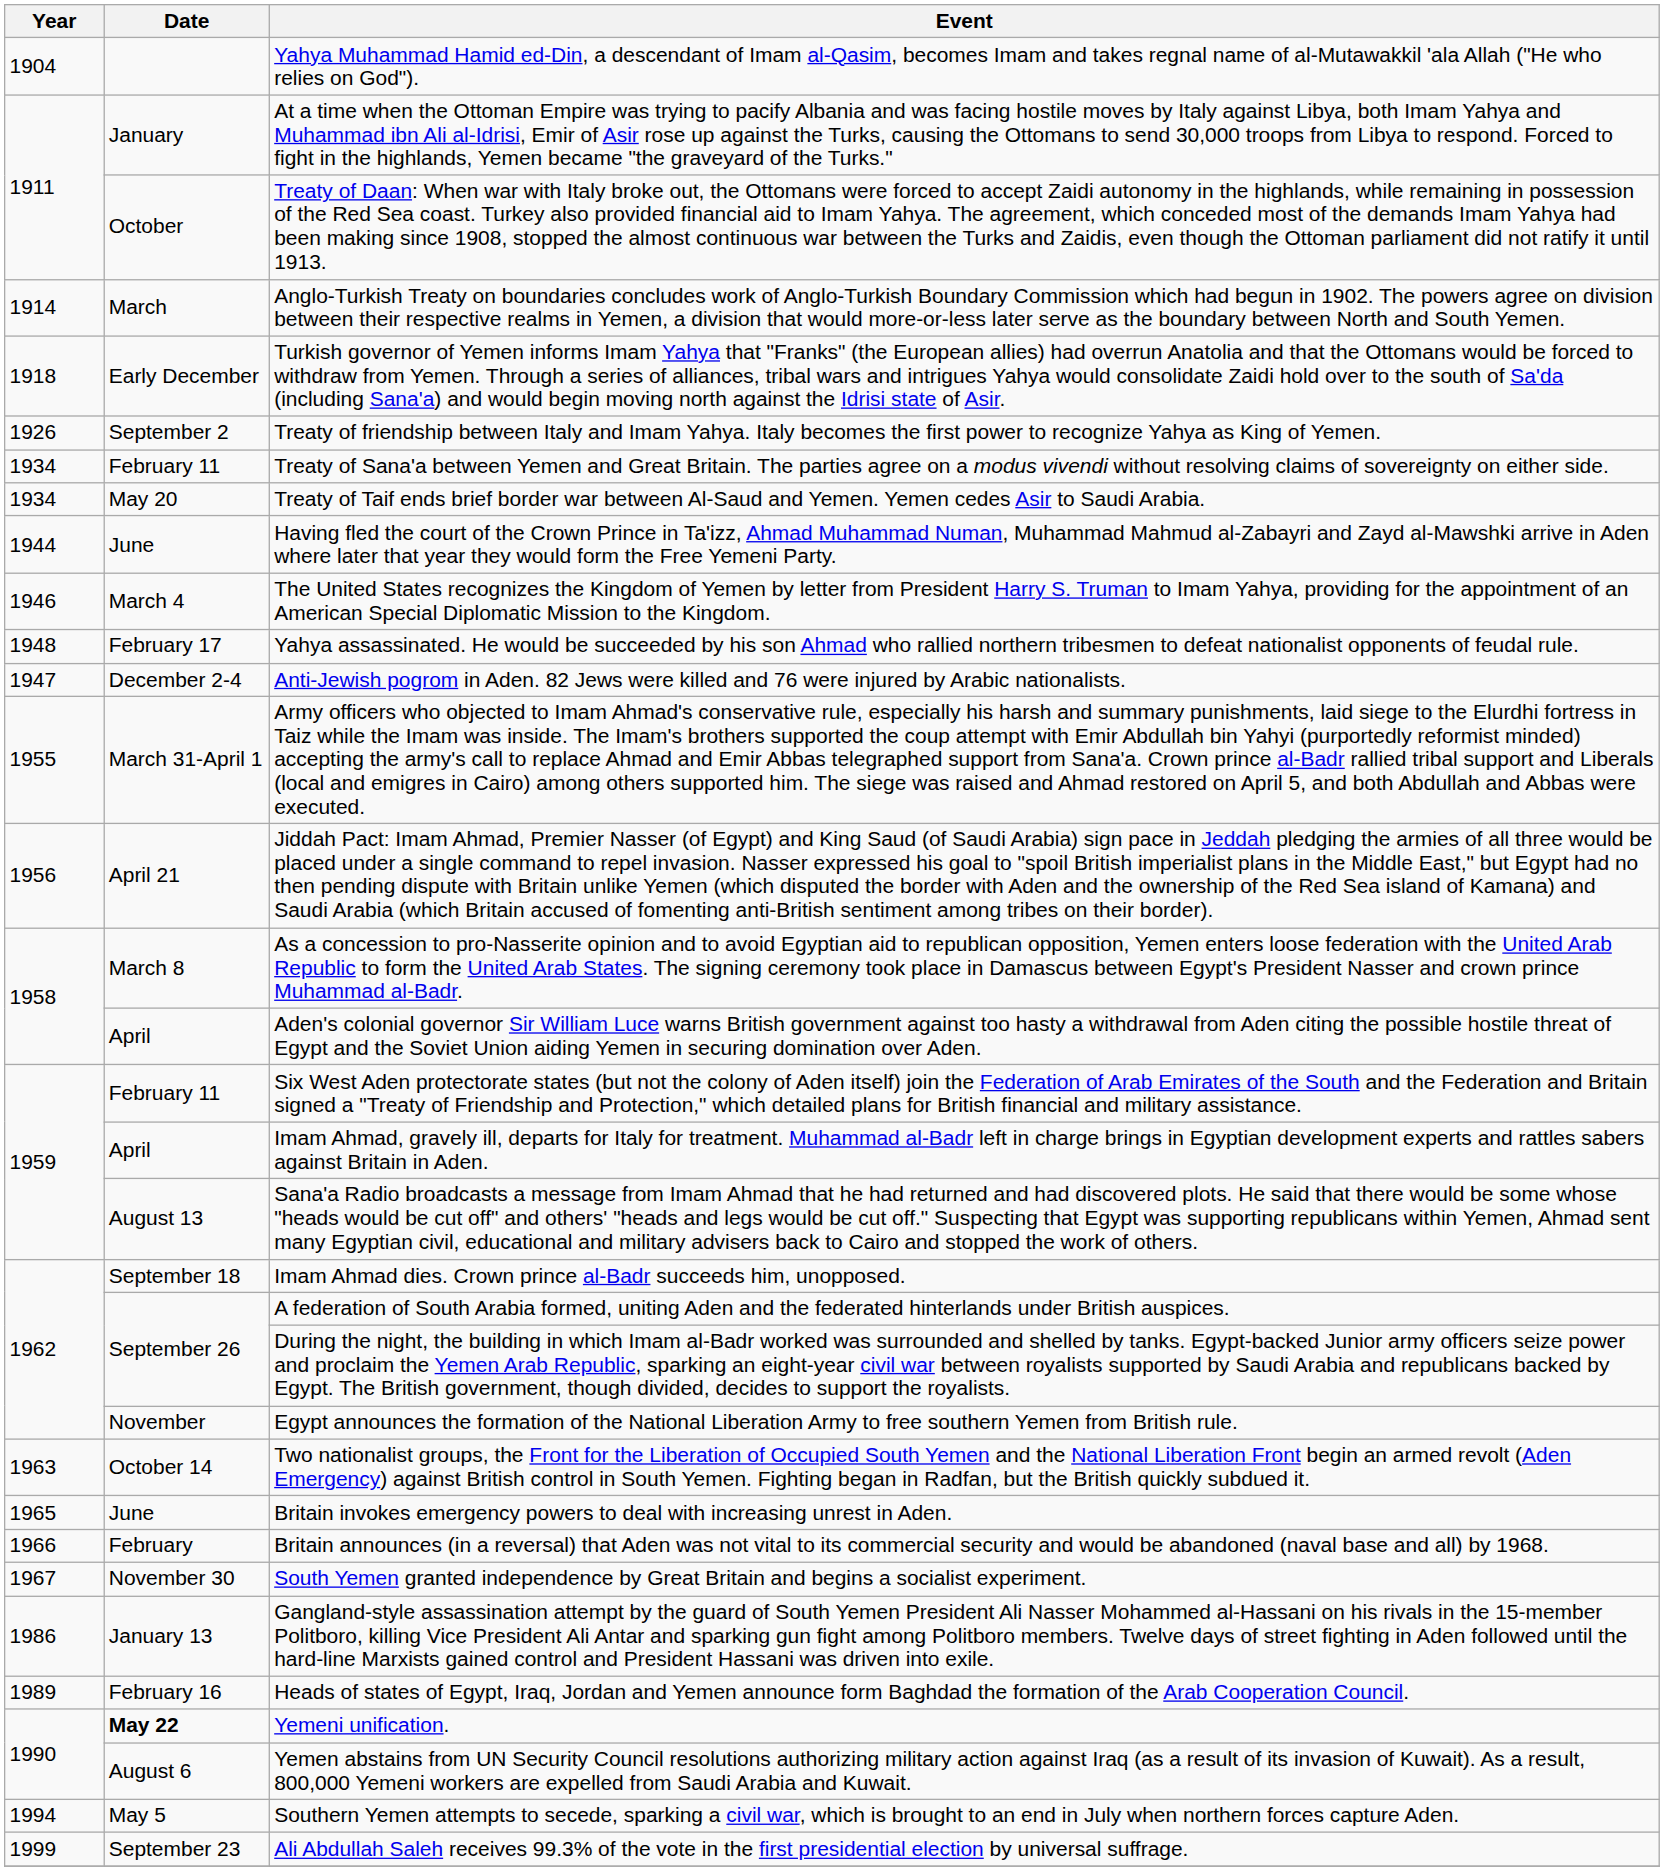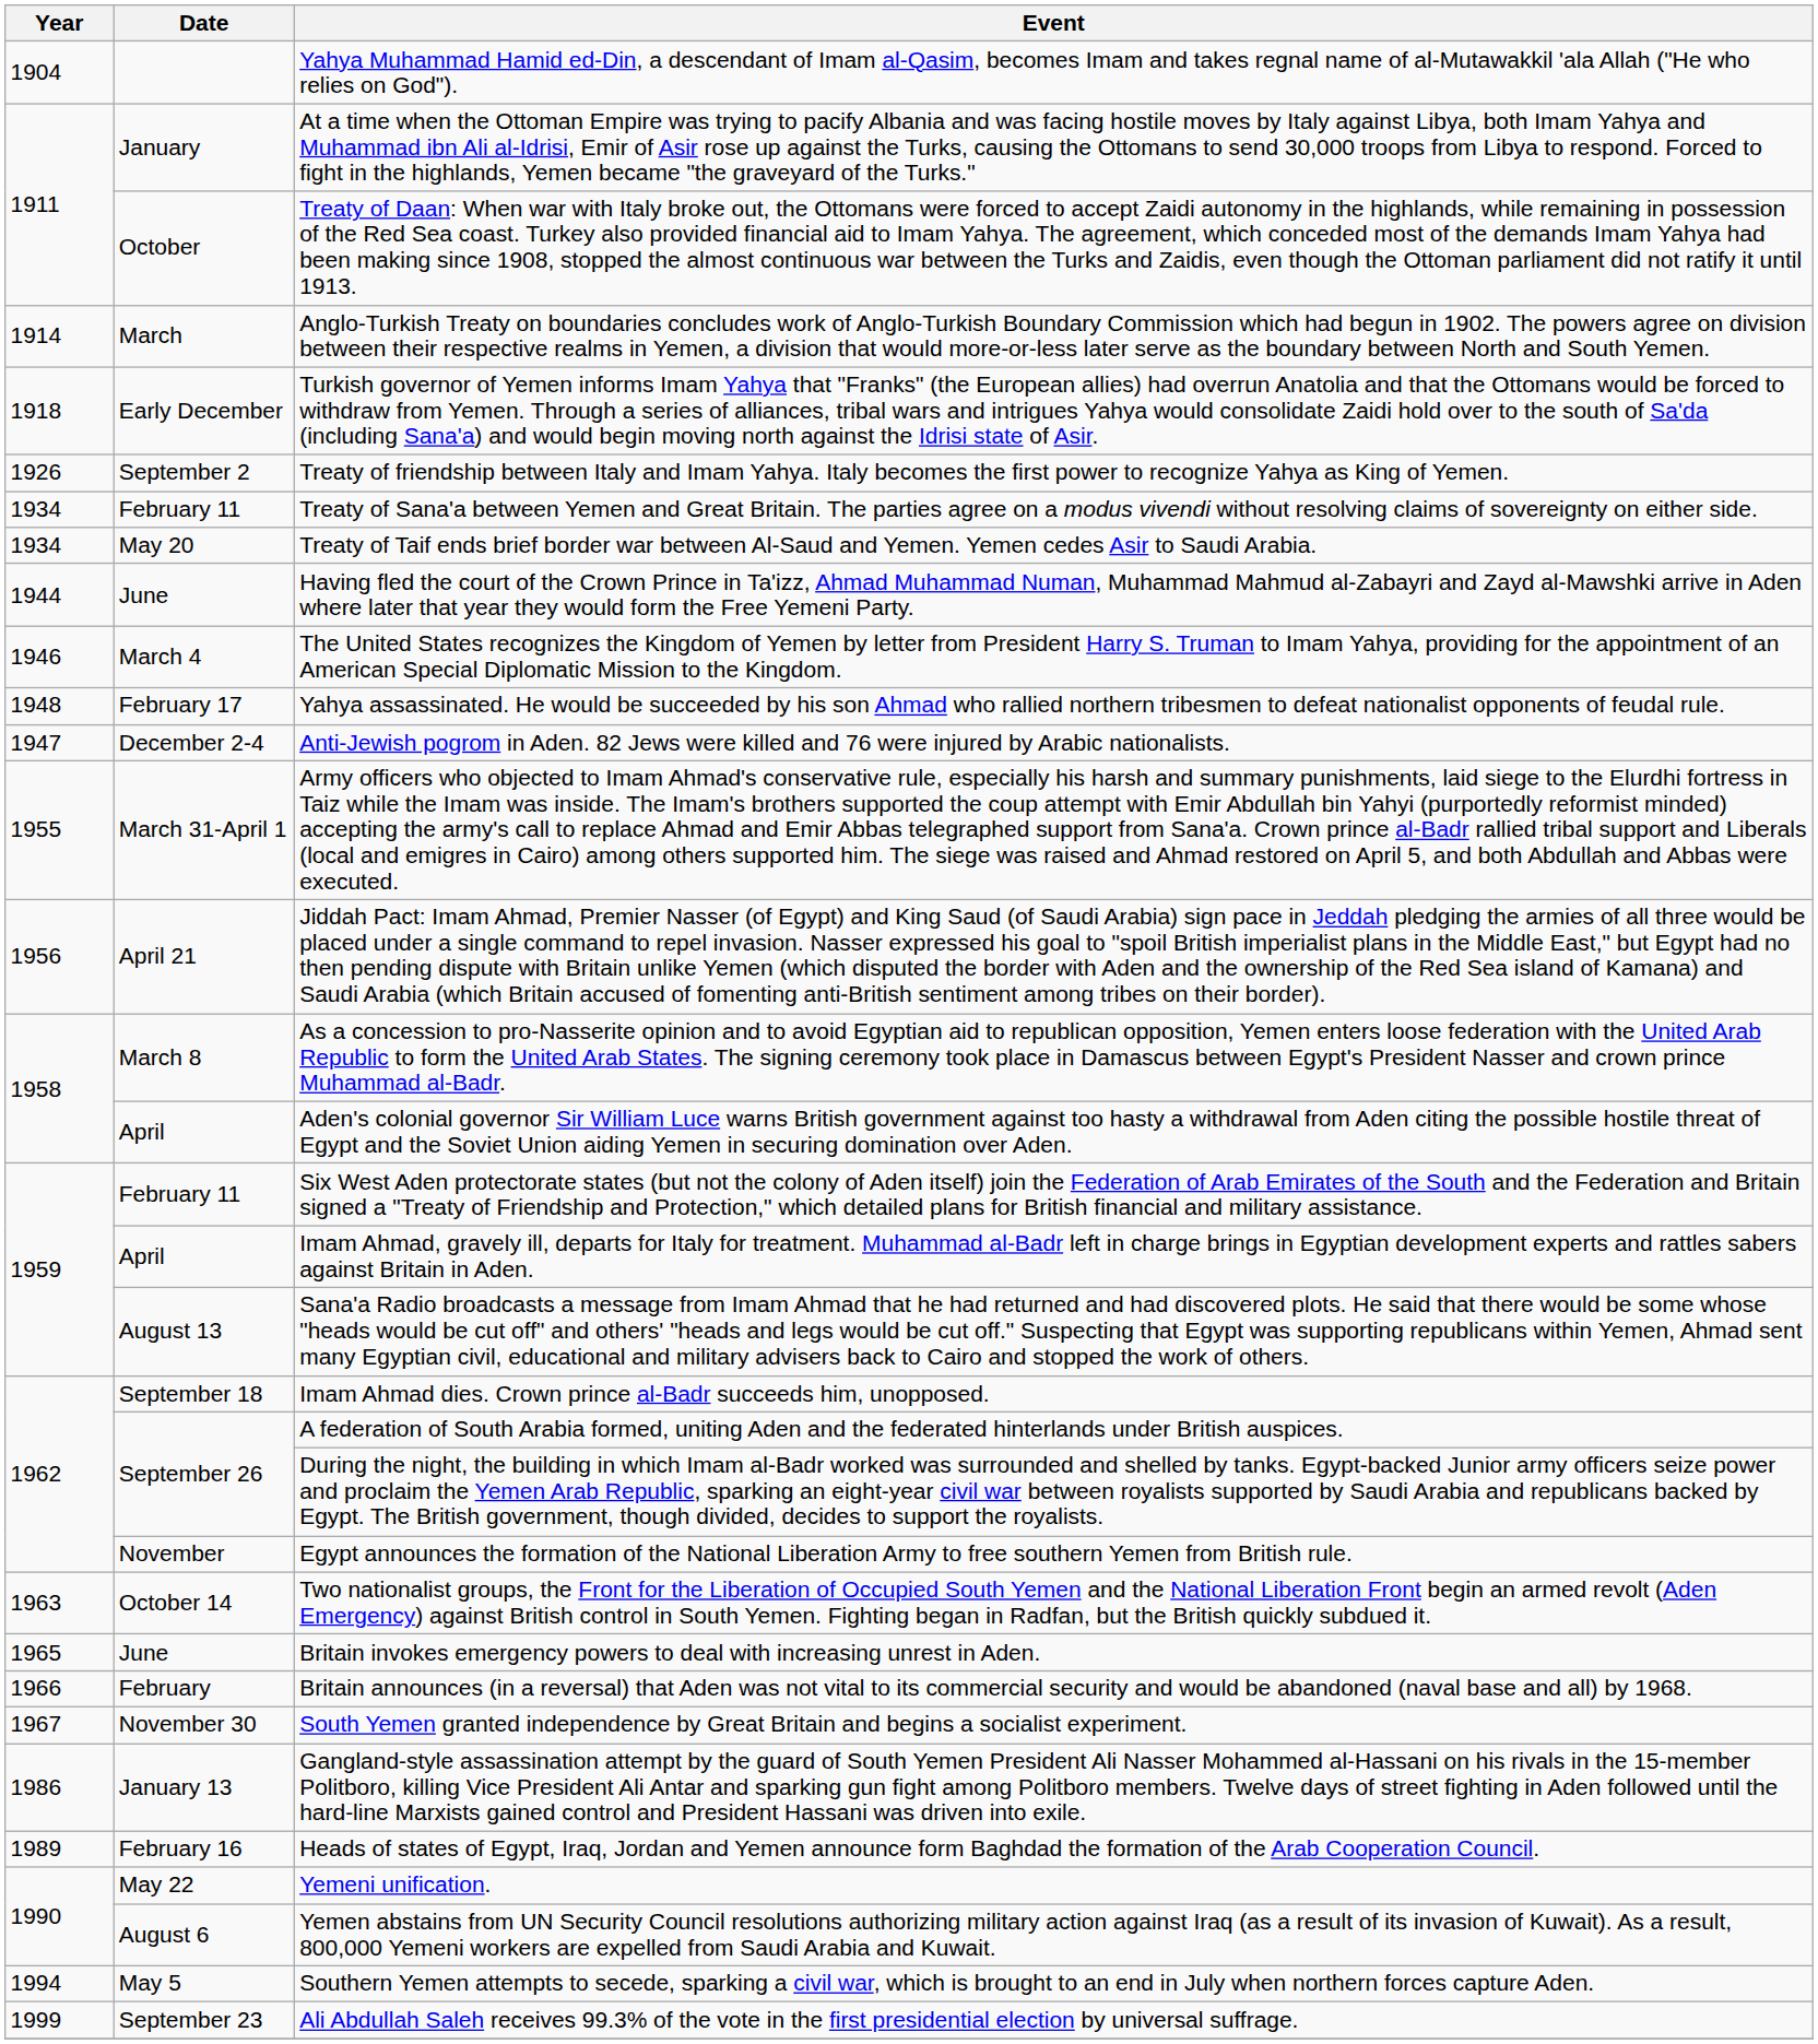 <table class="wikitable" width="100%">
 <tr>
 <th style="width:6%">Year</th>
 <th style="width:10%">Date</th>
 <th>Event</th>
 </tr>
 <tr>
 <td>1904</td>
 <td></td>
 <td><a href='#'>Yahya Muhammad Hamid ed-Din</a>, a descendant of Imam <a href='#'>al-Qasim</a>, becomes Imam and takes regnal name of al-Mutawakkil 'ala Allah ("He who relies on God").</td>
 </tr>
 <tr>
 <td rowspan="2">1911</td>
 <td>January</td>
 <td>At a time when the Ottoman Empire was trying to pacify Albania and was facing hostile moves by Italy against Libya, both Imam Yahya and <a href='#'>Muhammad ibn Ali al-Idrisi</a>, Emir of <a href='#'>Asir</a> rose up against the Turks, causing the Ottomans to send 30,000 troops from Libya to respond. Forced to fight in the highlands, Yemen became "the graveyard of the Turks."</td>
 </tr>
 <tr>
 <td>October</td>
 <td><a href='#'>Treaty of Daan</a>: When war with Italy broke out, the Ottomans were forced to accept Zaidi autonomy in the highlands, while remaining in possession of the Red Sea coast. Turkey also provided financial aid to Imam Yahya. The agreement, which conceded most of the demands Imam Yahya had been making since 1908, stopped the almost continuous war between the Turks and Zaidis, even though the Ottoman parliament did not ratify it until 1913.</td>
 </tr>
 <tr>
 <td>1914</td>
 <td>March</td>
 <td>Anglo-Turkish Treaty on boundaries concludes work of Anglo-Turkish Boundary Commission which had begun in 1902. The powers agree on division between their respective realms in Yemen, a division that would more-or-less later serve as the boundary between North and South Yemen.</td>
 </tr>
 <tr>
 <td>1918</td>
 <td>Early December</td>
 <td>Turkish governor of Yemen informs Imam <a href='#'>Yahya</a> that "Franks" (the European allies) had overrun Anatolia and that the Ottomans would be forced to withdraw from Yemen. Through a series of alliances, tribal wars and intrigues Yahya would consolidate Zaidi hold over to the south of <a href='#'>Sa'da</a> (including <a href='#'>Sana'a</a>) and would begin moving north against the <a href='#'>Idrisi state</a> of <a href='#'>Asir</a>.</td>
 </tr>
 <tr>
 <td>1926</td>
 <td>September 2</td>
 <td>Treaty of friendship between Italy and Imam Yahya. Italy becomes the first power to recognize Yahya as King of Yemen.</td>
 </tr>
 <tr>
 <td>1934</td>
 <td>February 11</td>
 <td>Treaty of Sana'a between Yemen and Great Britain. The parties agree on a <em>modus vivendi</em> without resolving claims of sovereignty on either side.</td>
 </tr>
 <tr>
 <td>1934</td>
 <td>May 20</td>
 <td>Treaty of Taif ends brief border war between Al-Saud and Yemen. Yemen cedes <a href='#'>Asir</a> to Saudi Arabia.</td>
 </tr>
 <tr>
 <td>1944</td>
 <td>June</td>
 <td>Having fled the court of the Crown Prince in Ta'izz, <a href='#'>Ahmad Muhammad Numan</a>, Muhammad Mahmud al-Zabayri and Zayd al-Mawshki arrive in Aden where later that year they would form the Free Yemeni Party.</td>
 </tr>
 <tr>
 <td>1946</td>
 <td>March 4</td>
 <td>The United States recognizes the Kingdom of Yemen by letter from President <a href='#'>Harry S. Truman</a> to Imam Yahya, providing for the appointment of an American Special Diplomatic Mission to the Kingdom.</td>
 </tr>
 <tr>
 <td>1948</td>
 <td>February 17</td>
 <td>Yahya assassinated. He would be succeeded by his son <a href='#'>Ahmad</a> who rallied northern tribesmen to defeat nationalist opponents of feudal rule.</td>
 </tr>
 <tr>
 <td>1947</td>
 <td>December 2-4</td>
 <td><a href='#'>Anti-Jewish pogrom</a> in Aden. 82 Jews were killed and 76 were injured by Arabic nationalists.</td>
 </tr>
 <tr>
 <td>1955</td>
 <td>March 31-April 1</td>
 <td>Army officers who objected to Imam Ahmad's conservative rule, especially his harsh and summary punishments, laid siege to the Elurdhi fortress in Taiz while the Imam was inside. The Imam's brothers supported the coup attempt with Emir Abdullah bin Yahyi (purportedly reformist minded) accepting the army's call to replace Ahmad and Emir Abbas telegraphed support from Sana'a. Crown prince <a href='#'>al-Badr</a> rallied tribal support and Liberals (local and emigres in Cairo) among others supported him. The siege was raised and Ahmad restored on April 5, and both Abdullah and Abbas were executed.</td>
 </tr>
 <tr>
 <td>1956</td>
 <td>April 21</td>
 <td>Jiddah Pact: Imam Ahmad, Premier Nasser (of Egypt) and King Saud (of Saudi Arabia) sign pace in <a href='#'>Jeddah</a> pledging the armies of all three would be placed under a single command to repel invasion. Nasser expressed his goal to "spoil British imperialist plans in the Middle East," but Egypt had no then pending dispute with Britain unlike Yemen (which disputed the border with Aden and the ownership of the Red Sea island of Kamana) and Saudi Arabia (which Britain accused of fomenting anti-British sentiment among tribes on their border).</td>
 </tr>
 <tr>
 <td rowspan="2">1958</td>
 <td>March 8</td>
 <td>As a concession to pro-Nasserite opinion and to avoid Egyptian aid to republican opposition, Yemen enters loose federation with the <a href='#'>United Arab Republic</a> to form the <a href='#'>United Arab States</a>. The signing ceremony took place in Damascus between Egypt's President Nasser and crown prince <a href='#'>Muhammad al-Badr</a>.</td>
 </tr>
 <tr>
 <td>April</td>
 <td>Aden's colonial governor <a href='#'>Sir William Luce</a> warns British government against too hasty a withdrawal from Aden citing the possible hostile threat of Egypt and the Soviet Union aiding Yemen in securing domination over Aden.</td>
 </tr>
 <tr>
 <td rowspan="3">1959</td>
 <td>February 11</td>
 <td>Six West Aden protectorate states (but not the colony of Aden itself) join the <a href='#'>Federation of Arab Emirates of the South</a> and the Federation and Britain signed a "Treaty of Friendship and Protection," which detailed plans for British financial and military assistance.</td>
 </tr>
 <tr>
 <td>April</td>
 <td>Imam Ahmad, gravely ill, departs for Italy for treatment. <a href='#'>Muhammad al-Badr</a> left in charge brings in Egyptian development experts and rattles sabers against Britain in Aden.</td>
 </tr>
 <tr>
 <td>August 13</td>
 <td>Sana'a Radio broadcasts a message from Imam Ahmad that he had returned and had discovered plots. He said that there would be some whose "heads would be cut off" and others' "heads and legs would be cut off." Suspecting that Egypt was supporting republicans within Yemen, Ahmad sent many Egyptian civil, educational and military advisers back to Cairo and stopped the work of others.</td>
 </tr>
 <tr>
 <td rowspan="4">1962</td>
 <td>September 18</td>
 <td>Imam Ahmad dies. Crown prince <a href='#'>al-Badr</a> succeeds him, unopposed.</td>
 </tr>
 <tr>
 <td rowspan="2">September 26</td>
 <td>A federation of South Arabia formed, uniting Aden and the federated hinterlands under British auspices.</td>
 </tr>
 <tr>
 <td>During the night, the building in which Imam al-Badr worked was surrounded and shelled by tanks. Egypt-backed Junior army officers seize power and proclaim the <a href='#'>Yemen Arab Republic</a>, sparking an eight-year <a href='#'>civil war</a> between royalists supported by Saudi Arabia and republicans backed by Egypt. The British government, though divided, decides to support the royalists.</td>
 </tr>
 <tr>
 <td>November</td>
 <td>Egypt announces the formation of the National Liberation Army to free southern Yemen from British rule.</td>
 </tr>
 <tr>
 <td>1963</td>
 <td>October 14</td>
 <td>Two nationalist groups, the <a href='#'>Front for the Liberation of Occupied South Yemen</a> and the <a href='#'>National Liberation Front</a> begin an armed revolt (<a href='#'>Aden Emergency</a>) against British control in South Yemen. Fighting began in Radfan, but the British quickly subdued it.</td>
 </tr>
 <tr>
 <td>1965</td>
 <td>June</td>
 <td>Britain invokes emergency powers to deal with increasing unrest in Aden.</td>
 </tr>
 <tr>
 <td>1966</td>
 <td>February</td>
 <td>Britain announces (in a reversal) that Aden was not vital to its commercial security and would be abandoned (naval base and all) by 1968.</td>
 </tr>
 <tr>
 <td>1967</td>
 <td>November 30</td>
 <td><a href='#'>South Yemen</a> granted independence by Great Britain and begins a socialist experiment.</td>
 </tr>
 <tr>
 <td>1986</td>
 <td>January 13</td>
 <td>Gangland-style assassination attempt by the guard of South Yemen President Ali Nasser Mohammed al-Hassani on his rivals in the 15-member Politboro, killing Vice President Ali Antar and sparking gun fight among Politboro members. Twelve days of street fighting in Aden followed until the hard-line Marxists gained control and President Hassani was driven into exile.</td>
 </tr>
 <tr>
 <td>1989</td>
 <td>February 16</td>
 <td>Heads of states of Egypt, Iraq, Jordan and Yemen announce form Baghdad the formation of the <a href='#'>Arab Cooperation Council</a>.</td>
 </tr>
 <tr>
 <td rowspan="2">1990</td>
-<td><strong>May 22</strong></td>
+<td>May 22</td>
 <td><a href='#'>Yemeni unification</a>.</td>
 </tr>
 <tr>
 <td>August 6</td>
 <td>Yemen abstains from UN Security Council resolutions authorizing military action against Iraq (as a result of its invasion of Kuwait). As a result, 800,000 Yemeni workers are expelled from Saudi Arabia and Kuwait.</td>
 </tr>
 <tr>
 <td>1994</td>
 <td>May 5</td>
 <td>Southern Yemen attempts to secede, sparking a <a href='#'>civil war</a>, which is brought to an end in July when northern forces capture Aden.</td>
 </tr>
 <tr>
 <td>1999</td>
 <td>September 23</td>
 <td><a href='#'>Ali Abdullah Saleh</a> receives 99.3% of the vote in the <a href='#'>first presidential election</a> by universal suffrage.</td>
 </tr>
 <tr>
 </tr>
 </table>
